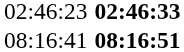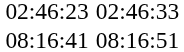 <table align="center">
 <tr>
 <td></td>
 <td></td>
 </tr>
 <tr align="center" style="font-size:smaller;">
 <td>02:46:23<br>08:16:41</td>
-<td><strong>02:46:33<br>08:16:51</strong></td>
+<td>02:46:33<br>08:16:51</td>
 </tr>
 </table>
